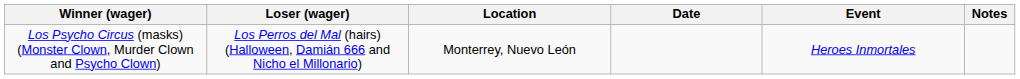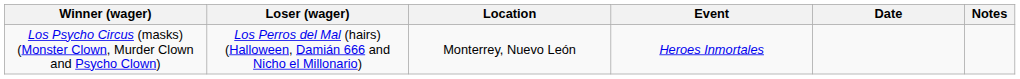 <table class="wikitable sortable" width=100%  style="text-align: center">
 <tr>
 <th width=20% scope="col">Winner (wager)</th>
 <th width=20% scope="col">Loser (wager)</th>
 <th width=20% scope="col">Location</th>
+<th width=20% scope="col">Event</th>
 <th width=15% scope="col">Date</th>
-<th width=20% scope="col">Event</th>
 <th class="unsortable" width=5% scope="col">Notes</th>
 </tr>
 <tr>
 <td><em><a href='#'>Los Psycho Circus</a></em> (masks)<br>(<a href='#'>Monster Clown</a>, Murder Clown and <a href='#'>Psycho Clown</a>)</td>
 <td><em><a href='#'>Los Perros del Mal</a></em> (hairs)<br>(<a href='#'>Halloween</a>, <a href='#'>Damián 666</a> and <a href='#'>Nicho el Millonario</a>)</td>
 <td>Monterrey, Nuevo León</td>
+<td><em><a href='#'>Heroes Inmortales</a></em></td>
 <td></td>
-<td><em><a href='#'>Heroes Inmortales</a></em></td>
 <td></td>
 </tr>
 </table>
